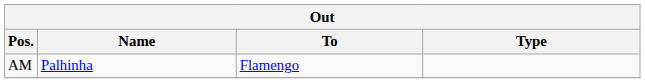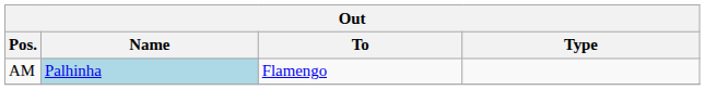 <table class="wikitable" style="font-size:90%;width:99%;">
 <tr>
 <th colspan="4">Out</th>
 </tr>
 <tr>
 <th width=3%>Pos.</th>
 <th width=32%>Name</th>
 <th width=30%>To</th>
 <th width=35%>Type</th>
 </tr>
 <tr>
 <td>AM</td>
-<td><a href='#'>Palhinha</a></td>
+<td style="background: lightblue;"><a href='#'>Palhinha</a></td>
 <td><a href='#'>Flamengo</a></td>
 <td></td>
 </tr>
 <tr>
 </tr>
 </table>
